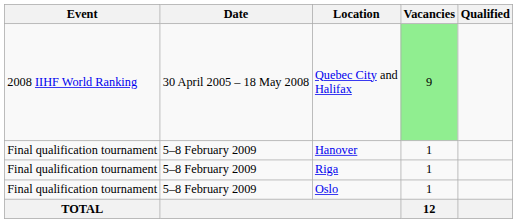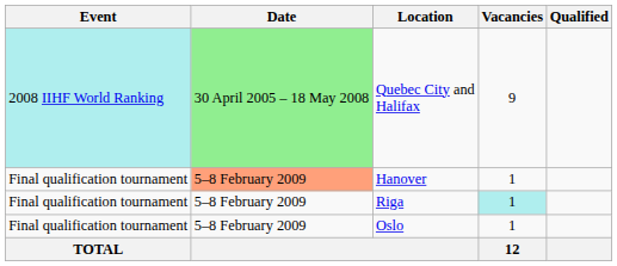 <table class="wikitable">
 <tr>
 <th>Event</th>
 <th>Date</th>
 <th>Location</th>
 <th>Vacancies</th>
 <th>Qualified</th>
 </tr>
 <tr>
-<td>2008 <a href='#'>IIHF World Ranking</a></td>
-<td>30 April 2005 – 18 May 2008</td>
+<td style="background: paleturquoise;">2008 <a href='#'>IIHF World Ranking</a></td>
+<td style="background: lightgreen;">30 April 2005 – 18 May 2008</td>
 <td> <a href='#'>Quebec City</a> and<br><a href='#'>Halifax</a></td>
-<td align=center style="background: lightgreen;">9</td>
+<td align=center>9</td>
 <td><br><br><br><br><br><br><br><br></td>
 </tr>
 <tr>
 <td>Final qualification tournament</td>
-<td>5–8 February 2009</td>
+<td style="background: lightsalmon;">5–8 February 2009</td>
 <td> <a href='#'>Hanover</a></td>
 <td align=center>1</td>
 <td></td>
 </tr>
 <tr>
 <td>Final qualification tournament</td>
 <td>5–8 February 2009</td>
 <td> <a href='#'>Riga</a></td>
-<td align=center>1</td>
+<td align=center style="background: paleturquoise;">1</td>
 <td></td>
 </tr>
 <tr>
 <td>Final qualification tournament</td>
 <td>5–8 February 2009</td>
 <td> <a href='#'>Oslo</a></td>
 <td align=center>1</td>
 <td></td>
 </tr>
 <tr>
 <th>TOTAL</th>
 <th colspan="2"></th>
 <th>12</th>
 <th></th>
 </tr>
 </table>
